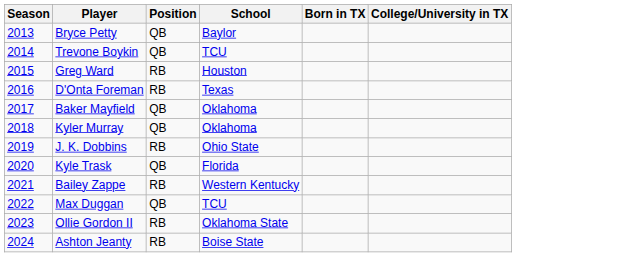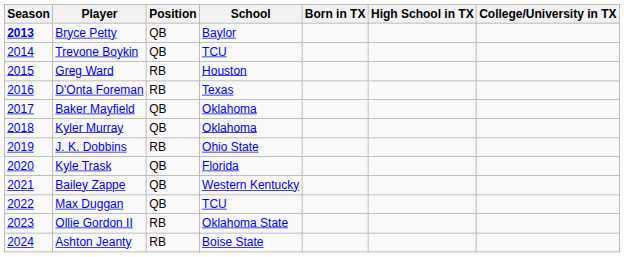 <table class="wikitable">
 <tr>
 <th bgcolor="#e5e5e5">Season</th>
 <th bgcolor="#e5e5e5">Player</th>
 <th bgcolor="#e5e5e5">Position</th>
 <th bgcolor="#e5e5e5">School</th>
 <th>Born in TX</th>
+<th>High School in TX</th>
 <th>College/University in TX</th>
 </tr>
 <tr>
-<td><a href='#'>2013</a></td>
+<td><strong><a href='#'>2013</a></strong></td>
 <td><a href='#'>Bryce Petty</a></td>
 <td>QB</td>
 <td><a href='#'>Baylor</a></td>
 <td> </td>
+<td style="text-align:center"></td>
 <td style="text-align:center"></td>
 </tr>
 <tr>
 <td><a href='#'>2014</a></td>
 <td><a href='#'>Trevone Boykin</a></td>
 <td>QB</td>
 <td><a href='#'>TCU</a></td>
+<td style="text-align:center"></td>
 <td style="text-align:center"></td>
 <td style="text-align:center"></td>
 </tr>
 <tr>
 <td><a href='#'>2015</a></td>
 <td><a href='#'>Greg Ward</a></td>
 <td>RB</td>
 <td><a href='#'>Houston</a></td>
 <td style="text-align:center"></td>
 <td style="text-align:center"></td>
+<td style="text-align:center"></td>
 </tr>
 <tr>
 <td><a href='#'>2016</a></td>
 <td><a href='#'>D'Onta Foreman</a></td>
 <td>RB</td>
 <td><a href='#'>Texas</a></td>
+<td style="text-align:center"></td>
 <td style="text-align:center"></td>
 <td style="text-align:center"></td>
 </tr>
 <tr>
 <td><a href='#'>2017</a></td>
 <td><a href='#'>Baker Mayfield</a></td>
 <td>QB</td>
 <td><a href='#'>Oklahoma</a></td>
 <td style="text-align:center"></td>
 <td style="text-align:center"></td>
+<td style="text-align:center"></td>
 </tr>
 <tr>
 <td><a href='#'>2018</a></td>
 <td><a href='#'>Kyler Murray</a></td>
 <td>QB</td>
 <td><a href='#'>Oklahoma</a></td>
+<td style="text-align:center"></td>
 <td style="text-align:center"></td>
 <td style="text-align:center"></td>
 </tr>
 <tr>
 <td><a href='#'>2019</a></td>
 <td><a href='#'>J. K. Dobbins</a></td>
 <td>RB</td>
 <td><a href='#'>Ohio State</a></td>
 <td style="text-align:center"></td>
+<td style="text-align:center"></td>
 <td></td>
 </tr>
 <tr>
 <td><a href='#'>2020</a></td>
 <td><a href='#'>Kyle Trask</a></td>
 <td>QB</td>
 <td><a href='#'>Florida</a></td>
 <td style="text-align:center"></td>
+<td style="text-align:center"></td>
 <td></td>
 </tr>
 <tr>
 <td><a href='#'>2021</a></td>
 <td><a href='#'>Bailey Zappe</a></td>
-<td>RB</td>
+<td>QB</td>
 <td><a href='#'>Western Kentucky</a></td>
+<td style="text-align:center"></td>
 <td style="text-align:center"></td>
 <td style="text-align:center"></td>
 </tr>
 <tr>
 <td><a href='#'>2022</a></td>
 <td><a href='#'>Max Duggan</a></td>
 <td>QB</td>
 <td><a href='#'>TCU</a></td>
 <td></td>
+<td></td>
 <td style="text-align:center"></td>
 </tr>
 <tr>
 <td><a href='#'>2023</a></td>
 <td><a href='#'>Ollie Gordon II</a></td>
 <td>RB</td>
 <td><a href='#'>Oklahoma State</a></td>
+<td style="text-align:center"></td>
 <td style="text-align:center"></td>
 <td></td>
 </tr>
 <tr>
 <td><a href='#'>2024</a></td>
 <td><a href='#'>Ashton Jeanty</a></td>
 <td>RB</td>
 <td><a href='#'>Boise State</a></td>
 <td></td>
+<td style="text-align:center"></td>
 <td></td>
 </tr>
 </table>
